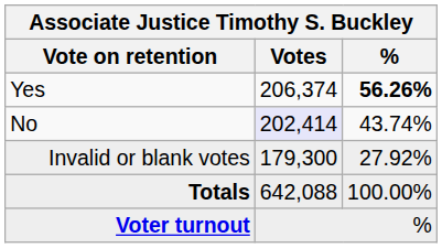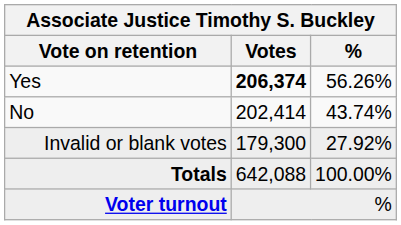 <table class="wikitable" style="font-size: 95%;">
 <tr style="background-color:#E9E9E9">
 <th colspan=7>Associate Justice Timothy S. Buckley</th>
 </tr>
 <tr style="background-color:#E9E9E9">
 <th style="width: 170px">Vote on retention</th>
 <th style="width: 50px">Votes</th>
 <th style="width: 40px">%</th>
 </tr>
 <tr>
 <td>Yes</td>
-<td align="right">206,374</td>
-<td align="right"><strong>56.26%</strong></td>
+<td align="right"><strong>206,374</strong></td>
+<td align="right">56.26%</td>
 </tr>
 <tr>
 <td>No</td>
-<td align="right" style="background: lavender;">202,414</td>
+<td align="right">202,414</td>
 <td align="right">43.74%</td>
 </tr>
 <tr style="background-color:#EEEEEE">
 <td align="right">Invalid or blank votes</td>
 <td align="right">179,300</td>
 <td align="right">27.92%</td>
 </tr>
 <tr style="background-color:#EEEEEE">
 <td colspan="1" align="right"><strong>Totals</strong></td>
 <td align="right">642,088</td>
 <td align="right">100.00%</td>
 </tr>
 <tr style="background-color:#EEEEEE">
 <td align="right"><strong><a href='#'>Voter turnout</a></strong></td>
 <td colspan="2" align="right">%</td>
 </tr>
 </table>
